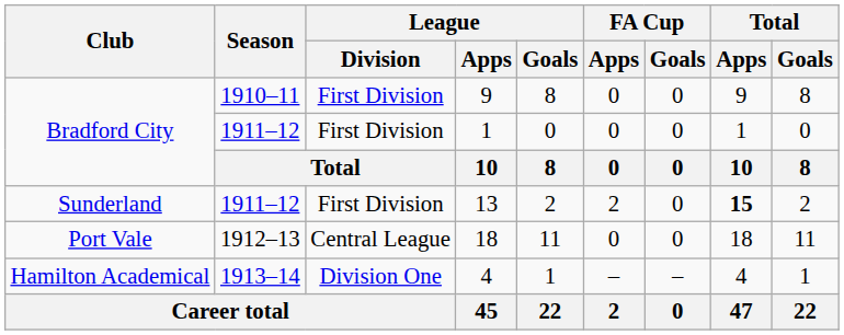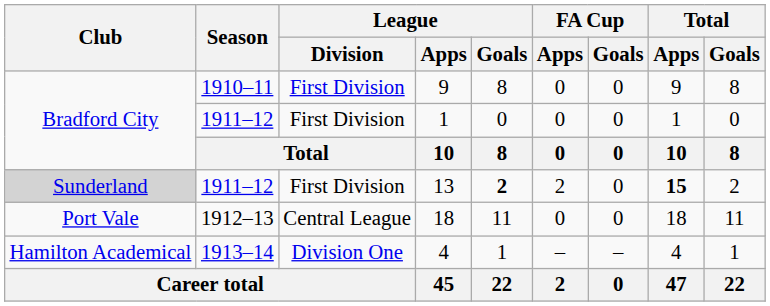 <table class="wikitable" style="text-align: center;">
 <tr>
 <th rowspan="2">Club</th>
 <th rowspan="2">Season</th>
 <th colspan="3">League</th>
 <th colspan="2">FA Cup</th>
 <th colspan="2">Total</th>
 </tr>
 <tr>
 <th>Division</th>
 <th>Apps</th>
 <th>Goals</th>
 <th>Apps</th>
 <th>Goals</th>
 <th>Apps</th>
 <th>Goals</th>
 </tr>
 <tr>
 <td rowspan="3"><a href='#'>Bradford City</a></td>
 <td><a href='#'>1910–11</a></td>
 <td><a href='#'>First Division</a></td>
 <td>9</td>
 <td>8</td>
 <td>0</td>
 <td>0</td>
 <td>9</td>
 <td>8</td>
 </tr>
 <tr>
 <td><a href='#'>1911–12</a></td>
 <td>First Division</td>
 <td>1</td>
 <td>0</td>
 <td>0</td>
 <td>0</td>
 <td>1</td>
 <td>0</td>
 </tr>
 <tr>
 <th colspan="2">Total</th>
 <th>10</th>
 <th>8</th>
 <th>0</th>
 <th>0</th>
 <th>10</th>
 <th>8</th>
 </tr>
 <tr>
-<td><a href='#'>Sunderland</a></td>
+<td style="background: lightgrey;"><a href='#'>Sunderland</a></td>
 <td><a href='#'>1911–12</a></td>
 <td>First Division</td>
 <td>13</td>
-<td>2</td>
+<td><strong>2</strong></td>
 <td>2</td>
 <td>0</td>
 <td><strong>15</strong></td>
 <td>2</td>
 </tr>
 <tr>
 <td><a href='#'>Port Vale</a></td>
 <td>1912–13</td>
 <td>Central League</td>
 <td>18</td>
 <td>11</td>
 <td>0</td>
 <td>0</td>
 <td>18</td>
 <td>11</td>
 </tr>
 <tr>
 <td><a href='#'>Hamilton Academical</a></td>
 <td><a href='#'>1913–14</a></td>
 <td><a href='#'>Division One</a></td>
 <td>4</td>
 <td>1</td>
 <td>–</td>
 <td>–</td>
 <td>4</td>
 <td>1</td>
 </tr>
 <tr>
 <th colspan="3">Career total</th>
 <th>45</th>
 <th>22</th>
 <th>2</th>
 <th>0</th>
 <th>47</th>
 <th>22</th>
 </tr>
 </table>
